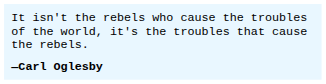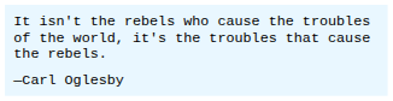 <table class="toccolours" style="float: right; margin-left: 4em; margin-right: 2em; font-size: 80%; background:#E9F7FF; color:black; width:27em; max-width: 30%;" cellspacing="5">
 <tr>
 <td style="text-align: left;">It isn't the rebels who cause the troubles of the world, it's the troubles that cause the rebels.</td>
 </tr>
 <tr>
-<td style="text-align: left;"><strong>—Carl Oglesby</strong></td>
+<td style="text-align: left;">—Carl Oglesby</td>
 </tr>
 </table>
